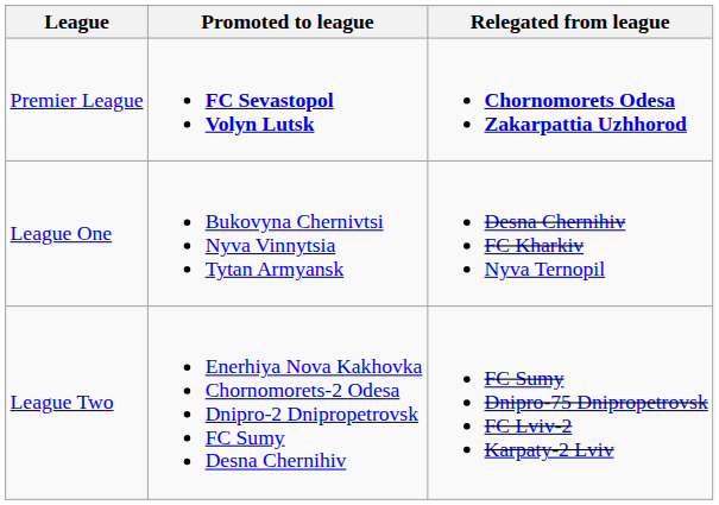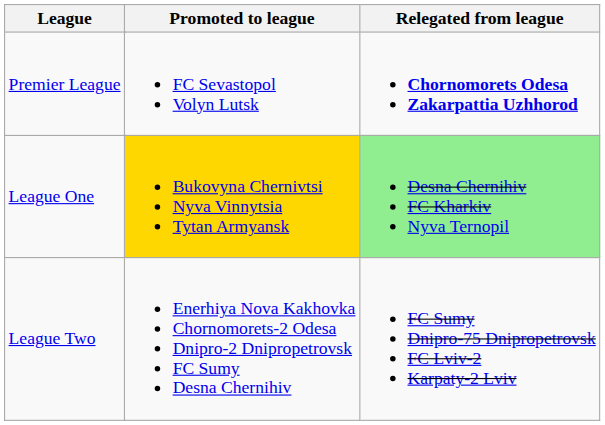 <table class="wikitable">
 <tr>
 <th colspan=2>League</th>
 <th>Promoted to league</th>
 <th>Relegated from league</th>
 </tr>
 <tr>
 <td colspan=2><a href='#'>Premier League</a></td>
-<td><strong><br><ul><li><a href='#'>FC Sevastopol</a></li><li><a href='#'>Volyn Lutsk</a></li></ul></strong></td>
+<td><br><ul><li><a href='#'>FC Sevastopol</a></li><li><a href='#'>Volyn Lutsk</a></li></ul></td>
 <td><strong><br><ul><li><a href='#'>Chornomorets Odesa</a></li><li><a href='#'>Zakarpattia Uzhhorod</a></li></ul></strong></td>
 </tr>
 <tr>
 <td colspan=2><a href='#'>League One</a></td>
-<td><br><ul><li><a href='#'>Bukovyna Chernivtsi</a></li><li><a href='#'>Nyva Vinnytsia</a></li><li><a href='#'>Tytan Armyansk</a></li></ul></td>
-<td><br><ul><li><del><a href='#'>Desna Chernihiv</a></del></li><li><del><a href='#'>FC Kharkiv</a></del></li><li><a href='#'>Nyva Ternopil</a></li></ul></td>
+<td style="background: gold;"><br><ul><li><a href='#'>Bukovyna Chernivtsi</a></li><li><a href='#'>Nyva Vinnytsia</a></li><li><a href='#'>Tytan Armyansk</a></li></ul></td>
+<td style="background: lightgreen;"><br><ul><li><del><a href='#'>Desna Chernihiv</a></del></li><li><del><a href='#'>FC Kharkiv</a></del></li><li><a href='#'>Nyva Ternopil</a></li></ul></td>
 </tr>
 <tr>
 <td colspan=2><a href='#'>League Two</a></td>
 <td><br><ul><li><a href='#'>Enerhiya Nova Kakhovka</a></li><li><a href='#'>Chornomorets-2 Odesa</a></li><li><a href='#'>Dnipro-2 Dnipropetrovsk</a></li><li><a href='#'>FC Sumy</a> </li><li><a href='#'>Desna Chernihiv</a> </li></ul></td>
 <td><br><ul><li><del><a href='#'>FC Sumy</a></del></li><li><del><a href='#'>Dnipro-75 Dnipropetrovsk</a></del></li><li><del><a href='#'>FC Lviv-2</a></del></li><li><del><a href='#'>Karpaty-2 Lviv</a></del></li></ul></td>
 </tr>
 </table>
